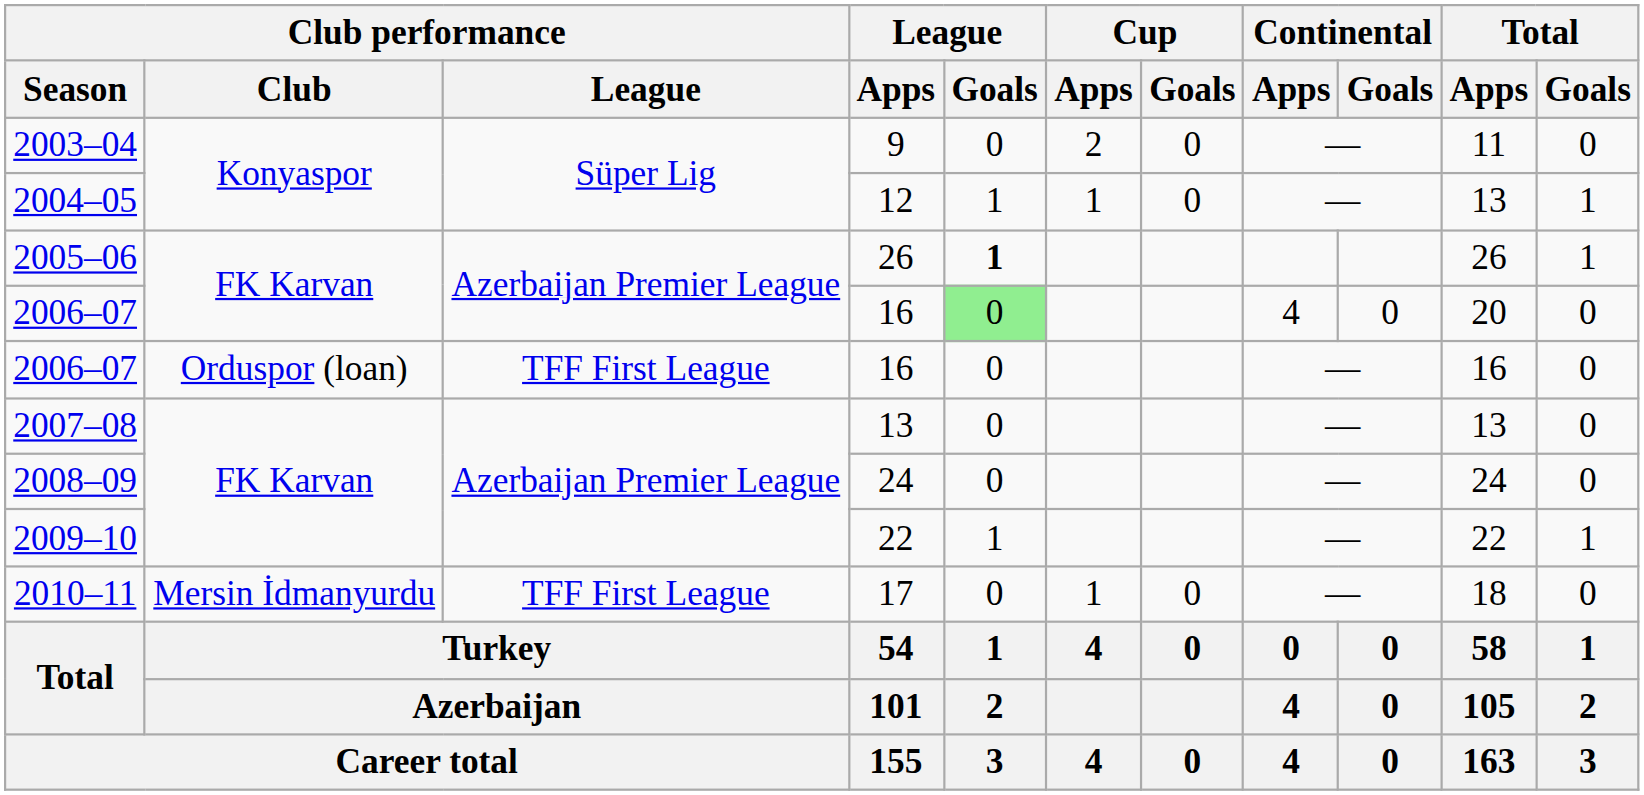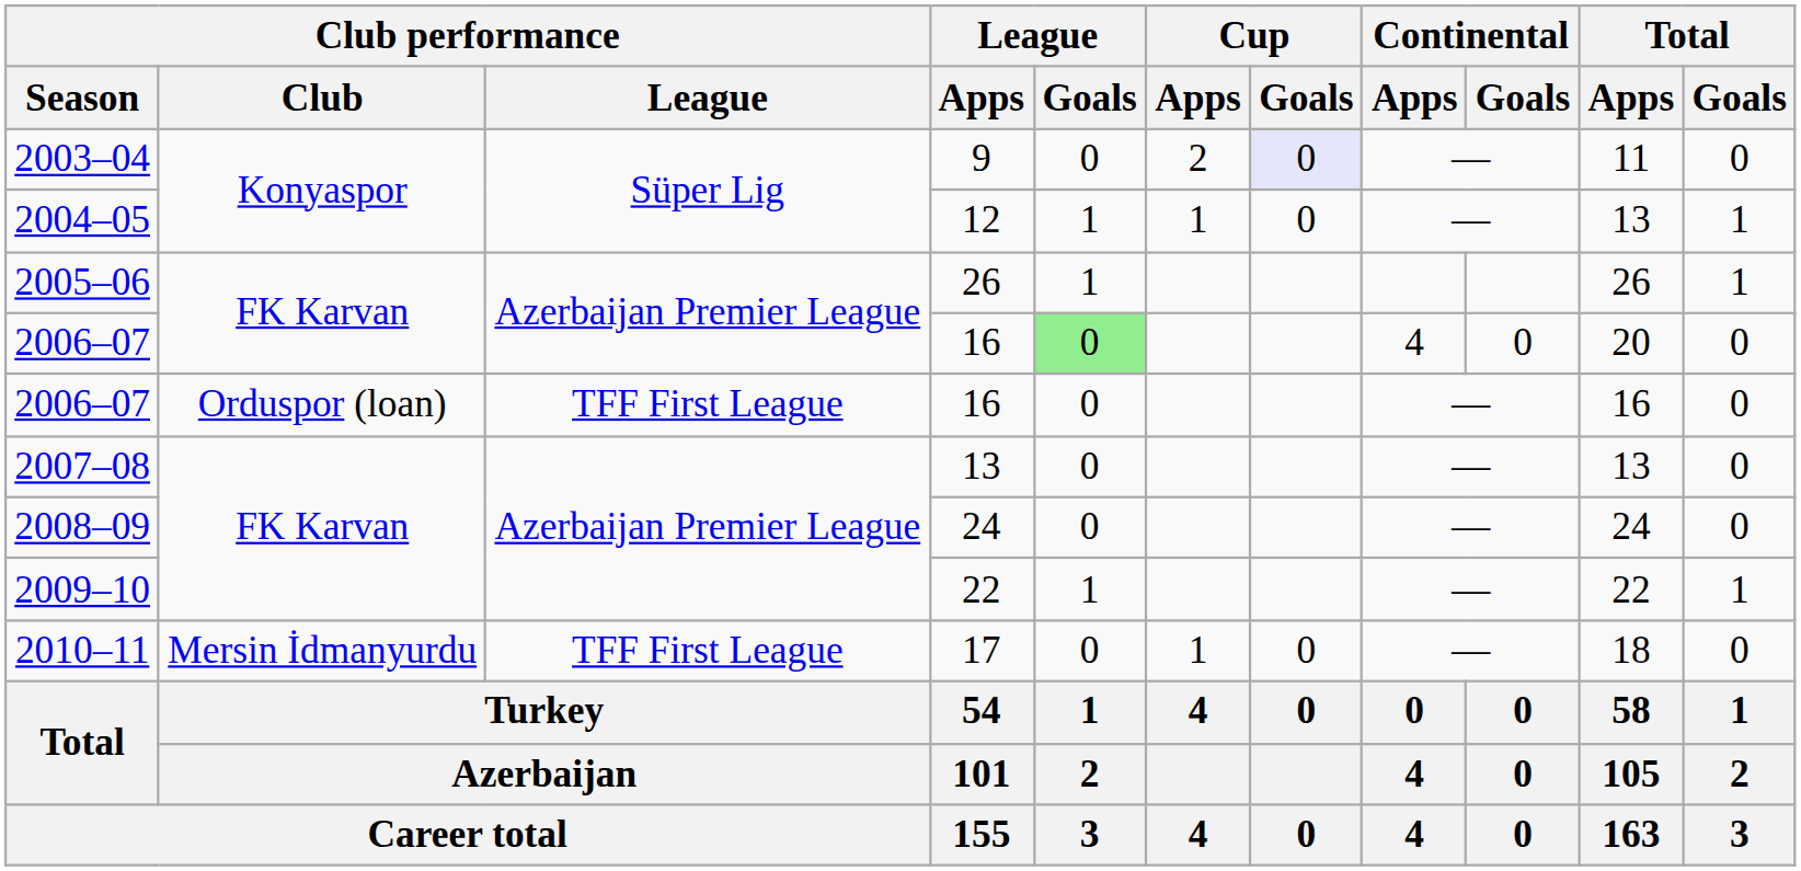 <table class="wikitable" style="text-align:center">
 <tr>
 <th colspan=3>Club performance</th>
 <th colspan=2>League</th>
 <th colspan=2>Cup</th>
 <th colspan=2>Continental</th>
 <th colspan=2>Total</th>
 </tr>
 <tr>
 <th>Season</th>
 <th>Club</th>
 <th>League</th>
 <th>Apps</th>
 <th>Goals</th>
 <th>Apps</th>
 <th>Goals</th>
 <th>Apps</th>
 <th>Goals</th>
 <th>Apps</th>
 <th>Goals</th>
 </tr>
 <tr>
 <td><a href='#'>2003–04</a></td>
 <td rowspan="2"><a href='#'>Konyaspor</a></td>
 <td rowspan="2"><a href='#'>Süper Lig</a></td>
 <td>9</td>
 <td>0</td>
 <td>2</td>
-<td>0</td>
+<td style="background: lavender;">0</td>
 <td colspan="2">—</td>
 <td>11</td>
 <td>0</td>
 </tr>
 <tr>
 <td><a href='#'>2004–05</a></td>
 <td>12</td>
 <td>1</td>
 <td>1</td>
 <td>0</td>
 <td colspan="2">—</td>
 <td>13</td>
 <td>1</td>
 </tr>
 <tr>
 <td><a href='#'>2005–06</a></td>
 <td rowspan="2"><a href='#'>FK Karvan</a></td>
 <td rowspan="2"><a href='#'>Azerbaijan Premier League</a></td>
 <td>26</td>
-<td><strong>1</strong></td>
+<td>1</td>
 <td></td>
 <td></td>
 <td></td>
 <td></td>
 <td>26</td>
 <td>1</td>
 </tr>
 <tr>
 <td><a href='#'>2006–07</a></td>
 <td>16</td>
 <td style="background: lightgreen;">0</td>
 <td></td>
 <td></td>
 <td>4</td>
 <td>0</td>
 <td>20</td>
 <td>0</td>
 </tr>
 <tr>
 <td><a href='#'>2006–07</a></td>
 <td><a href='#'>Orduspor</a> (loan)</td>
 <td><a href='#'>TFF First League</a></td>
 <td>16</td>
 <td>0</td>
 <td></td>
 <td></td>
 <td colspan="2">—</td>
 <td>16</td>
 <td>0</td>
 </tr>
 <tr>
 <td><a href='#'>2007–08</a></td>
 <td rowspan="3"><a href='#'>FK Karvan</a></td>
 <td rowspan="3"><a href='#'>Azerbaijan Premier League</a></td>
 <td>13</td>
 <td>0</td>
 <td></td>
 <td></td>
 <td colspan="2">—</td>
 <td>13</td>
 <td>0</td>
 </tr>
 <tr>
 <td><a href='#'>2008–09</a></td>
 <td>24</td>
 <td>0</td>
 <td></td>
 <td></td>
 <td colspan="2">—</td>
 <td>24</td>
 <td>0</td>
 </tr>
 <tr>
 <td><a href='#'>2009–10</a></td>
 <td>22</td>
 <td>1</td>
 <td></td>
 <td></td>
 <td colspan="2">—</td>
 <td>22</td>
 <td>1</td>
 </tr>
 <tr>
 <td><a href='#'>2010–11</a></td>
 <td><a href='#'>Mersin İdmanyurdu</a></td>
 <td><a href='#'>TFF First League</a></td>
 <td>17</td>
 <td>0</td>
 <td>1</td>
 <td>0</td>
 <td colspan="2">—</td>
 <td>18</td>
 <td>0</td>
 </tr>
 <tr>
 <th rowspan=2>Total</th>
 <th colspan=2>Turkey</th>
 <th>54</th>
 <th>1</th>
 <th>4</th>
 <th>0</th>
 <th>0</th>
 <th>0</th>
 <th>58</th>
 <th>1</th>
 </tr>
 <tr>
 <th colspan=2>Azerbaijan</th>
 <th>101</th>
 <th>2</th>
 <th></th>
 <th></th>
 <th>4</th>
 <th>0</th>
 <th>105</th>
 <th>2</th>
 </tr>
 <tr>
 <th colspan=3>Career total</th>
 <th>155</th>
 <th>3</th>
 <th>4</th>
 <th>0</th>
 <th>4</th>
 <th>0</th>
 <th>163</th>
 <th>3</th>
 </tr>
 </table>
